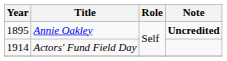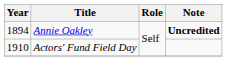 <table class="wikitable sortable">
 <tr>
 <th>Year</th>
 <th>Title</th>
 <th>Role</th>
 <th>Note</th>
 </tr>
 <tr>
-<td>1895</td>
+<td>1894</td>
 <td><em><a href='#'>Annie Oakley</a></em></td>
 <td rowspan="2">Self</td>
 <td><strong>Uncredited</strong></td>
 </tr>
 <tr>
-<td>1914</td>
+<td>1910</td>
 <td><em>Actors' Fund Field Day</em></td>
 <td></td>
 </tr>
 <tr>
 </tr>
 </table>
